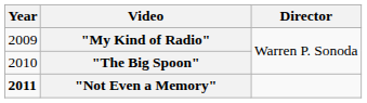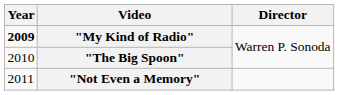 <table class="wikitable plainrowheaders">
 <tr>
 <th>Year</th>
 <th style="width:14em;">Video</th>
 <th>Director</th>
 </tr>
 <tr>
-<td>2009</td>
+<td><strong>2009</strong></td>
 <th scope="row">"My Kind of Radio"</th>
 <td rowspan="2">Warren P. Sonoda</td>
 </tr>
 <tr>
 <td>2010</td>
 <th scope="row">"The Big Spoon"</th>
 </tr>
 <tr>
-<td><strong>2011</strong></td>
+<td>2011</td>
 <th scope="row">"Not Even a Memory"</th>
 <td></td>
 </tr>
 </table>
